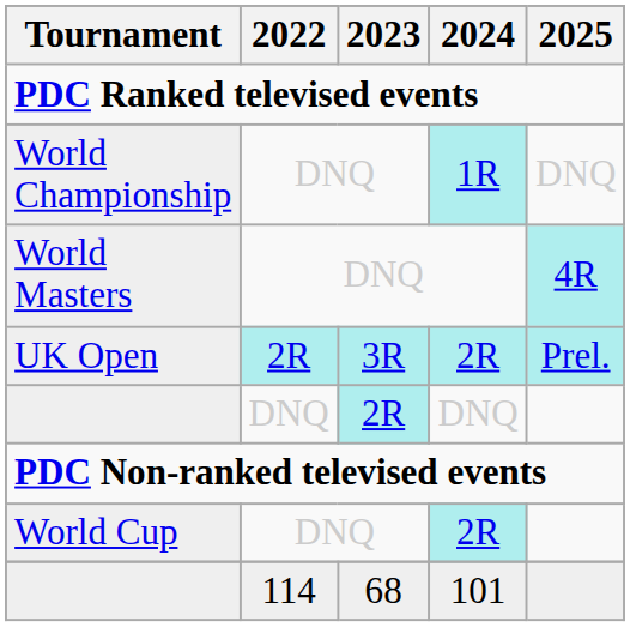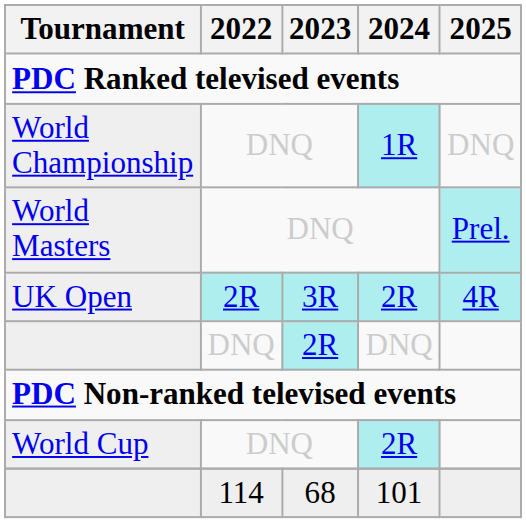 <table class="wikitable" style="width:20%; margin:0">
 <tr>
 <th>Tournament</th>
 <th>2022</th>
 <th>2023</th>
 <th>2024</th>
 <th>2025</th>
 </tr>
 <tr>
 <td colspan="20" style="text-align:left"><strong><a href='#'>PDC</a> Ranked televised events</strong></td>
 </tr>
 <tr>
 <td style="background:#efefef;"><a href='#'>World Championship</a></td>
 <td colspan="2" style="text-align:center; color:#ccc;">DNQ</td>
 <td style="text-align:center; background:#afeeee;"><a href='#'>1R</a></td>
 <td style="text-align:center; color:#ccc;">DNQ</td>
 </tr>
 <tr>
 <td style="background:#efefef;"><a href='#'>World Masters</a></td>
 <td colspan="3" style="text-align:center; color:#ccc;">DNQ</td>
-<td style="text-align:center; background:#afeeee;"><a href='#'>4R</a></td>
+<td style="text-align:center; background:#afeeee;"><a href='#'>Prel.</a></td>
 </tr>
 <tr>
 <td style="background:#efefef;"><a href='#'>UK Open</a></td>
 <td style="text-align:center; background:#afeeee;"><a href='#'>2R</a></td>
 <td style="text-align:center; background:#afeeee;"><a href='#'>3R</a></td>
 <td style="text-align:center; background:#afeeee;"><a href='#'>2R</a></td>
-<td style="text-align:center; background:#afeeee;"><a href='#'>Prel.</a></td>
+<td style="text-align:center; background:#afeeee;"><a href='#'>4R</a></td>
 </tr>
 <tr>
 <td style="background:#efefef;"></td>
 <td style="text-align:center; color:#ccc;">DNQ</td>
 <td style="text-align:center; background:#afeeee;"><a href='#'>2R</a></td>
 <td style="text-align:center; color:#ccc;">DNQ</td>
 <td></td>
 </tr>
 <tr>
 <td colspan="16" align="left"><strong><a href='#'>PDC</a> Non-ranked televised events</strong></td>
 </tr>
 <tr>
 <td style="background:#efefef;"><a href='#'>World Cup</a></td>
 <td colspan="2" style="text-align:center; color:#ccc;">DNQ</td>
 <td style="text-align:center; background:#afeeee;"><a href='#'>2R</a></td>
 <td></td>
 </tr>
 <tr>
 </tr>
 <tr style="background:#efefef">
 <td style="text-align:left"><strong></strong></td>
 <td style="text-align:center;">114</td>
 <td style="text-align:center;">68</td>
 <td style="text-align:center;">101</td>
 <td></td>
 </tr>
 </table>
